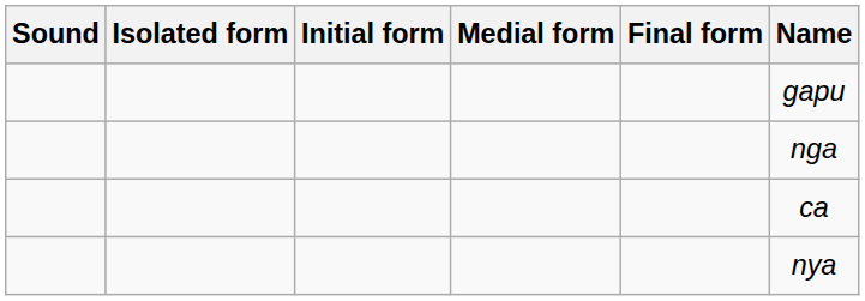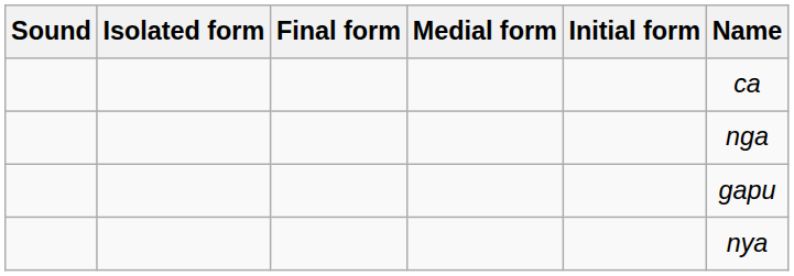 <table class="wikitable" style="line-height:1.6;text-align:center">
 <tr>
 <th>Sound</th>
 <th>Isolated form</th>
+<th>Final form</th>
+<th>Medial form</th>
 <th>Initial form</th>
-<th>Medial form</th>
-<th>Final form</th>
 <th>Name</th>
+</tr>
+<tr>
+<td style="font-size: 1.25em;"></td>
+<td style="font-size: 2em;"></td>
+<td style="font-size: 2em;"></td>
+<td style="font-size: 2em;"></td>
+<td style="font-size: 2em;"></td>
+<td><em>ca</em></td>
+</tr>
+<tr>
+<td style="font-size: 1.25em;"></td>
+<td style="font-size: 2em;"></td>
+<td style="font-size: 2em;"></td>
+<td style="font-size: 2em;"></td>
+<td style="font-size: 2em;"></td>
+<td><em>nga</em></td>
 </tr>
 <tr>
 <td style="font-size: 1.25em;"></td>
 <td style="font-size: 2em;"></td>
 <td style="font-size: 2em;"></td>
 <td style="font-size: 2em;"></td>
 <td style="font-size: 2em;"></td>
 <td><em>gapu</em></td>
 </tr>
 <tr>
 <td style="font-size: 1.25em;"></td>
 <td style="font-size: 2em;"></td>
 <td style="font-size: 2em;"></td>
 <td style="font-size: 2em;"></td>
 <td style="font-size: 2em;"></td>
-<td><em>nga</em></td>
-</tr>
-<tr>
-<td style="font-size: 1.25em;"></td>
-<td style="font-size: 2em;"></td>
-<td style="font-size: 2em;"></td>
-<td style="font-size: 2em;"></td>
-<td style="font-size: 2em;"></td>
-<td><em>ca</em></td>
-</tr>
-<tr>
-<td style="font-size: 1.25em;"></td>
-<td style="font-size: 2em;"></td>
-<td style="font-size: 2em;"></td>
-<td style="font-size: 2em;"></td>
-<td style="font-size: 2em;"></td>
 <td><em>nya</em></td>
 </tr>
 </table>
